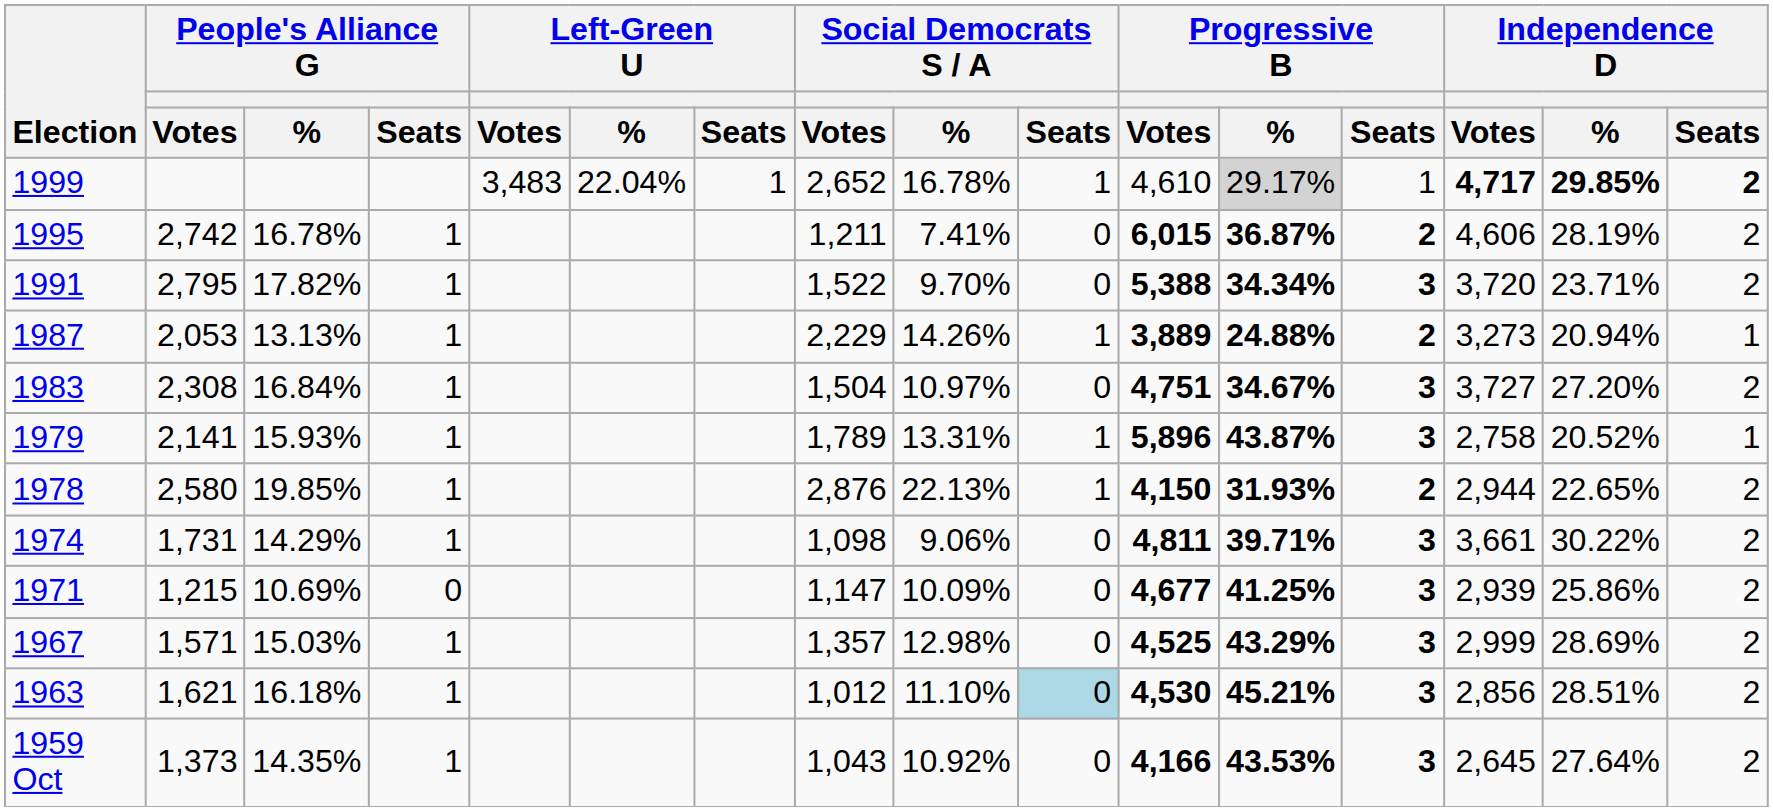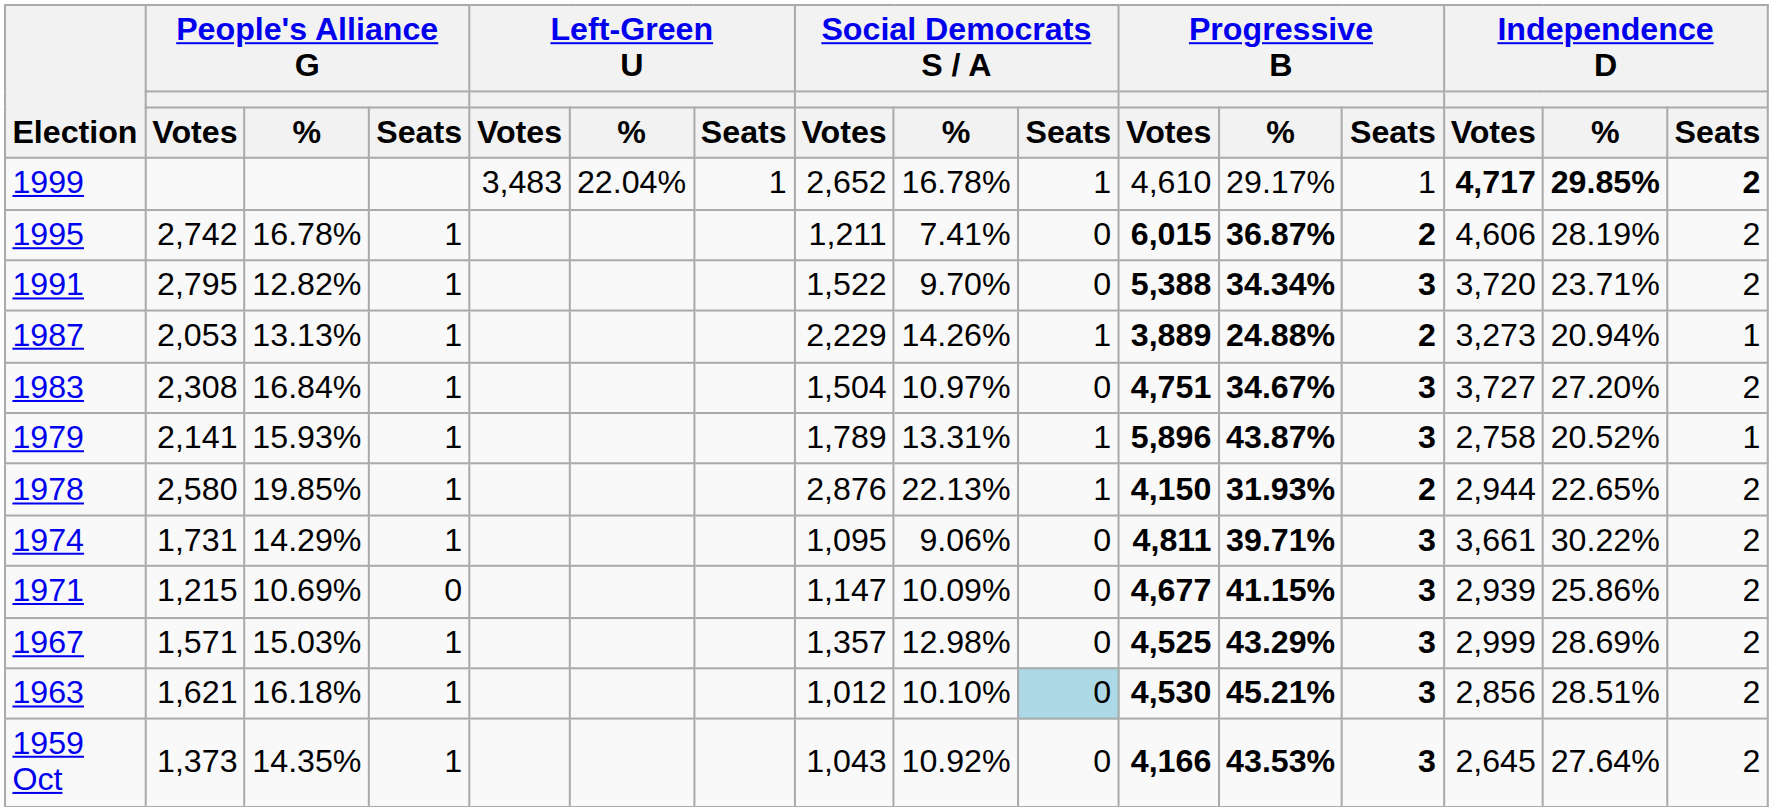 <table class="wikitable" border="1" style="font-size:100%; text-align:right;">
 <tr>
 <th style="text-align:left;" valign=bottom rowspan=3>Election</th>
 <th valign=bottom colspan=3><a href='#'>People's Alliance</a><br>G</th>
 <th valign=bottom colspan=3><a href='#'>Left-Green</a><br>U</th>
 <th valign=bottom colspan=3><a href='#'>Social Democrats</a><br>S / A</th>
 <th valign=bottom colspan=3><a href='#'>Progressive</a><br>B</th>
 <th valign=bottom colspan=3><a href='#'>Independence</a><br>D</th>
 </tr>
 <tr>
 <th colspan=3 style="background:"></th>
 <th colspan=3 style="background:"></th>
 <th colspan=3 style="background:"></th>
 <th colspan=3 style="background:"></th>
 <th colspan=3 style="background:"></th>
 </tr>
 <tr>
 <th>Votes</th>
 <th>%</th>
 <th>Seats</th>
 <th>Votes</th>
 <th>%</th>
 <th>Seats</th>
 <th>Votes</th>
 <th>%</th>
 <th>Seats</th>
 <th>Votes</th>
 <th>%</th>
 <th>Seats</th>
 <th>Votes</th>
 <th>%</th>
 <th>Seats</th>
 </tr>
 <tr>
 <td align=left><a href='#'>1999</a></td>
 <td></td>
 <td></td>
 <td></td>
 <td>3,483</td>
 <td>22.04%</td>
 <td>1</td>
 <td>2,652</td>
 <td>16.78%</td>
 <td>1</td>
 <td>4,610</td>
-<td style="background: lightgrey;">29.17%</td>
+<td>29.17%</td>
 <td>1</td>
 <td><strong>4,717</strong></td>
 <td><strong>29.85%</strong></td>
 <td><strong>2</strong></td>
 </tr>
 <tr>
 <td align=left><a href='#'>1995</a></td>
 <td>2,742</td>
 <td>16.78%</td>
 <td>1</td>
 <td></td>
 <td></td>
 <td></td>
 <td>1,211</td>
 <td>7.41%</td>
 <td>0</td>
 <td><strong>6,015</strong></td>
 <td><strong>36.87%</strong></td>
 <td><strong>2</strong></td>
 <td>4,606</td>
 <td>28.19%</td>
 <td>2</td>
 </tr>
 <tr>
 <td align=left><a href='#'>1991</a></td>
 <td>2,795</td>
-<td>17.82%</td>
+<td>12.82%</td>
 <td>1</td>
 <td></td>
 <td></td>
 <td></td>
 <td>1,522</td>
 <td>9.70%</td>
 <td>0</td>
 <td><strong>5,388</strong></td>
 <td><strong>34.34%</strong></td>
 <td><strong>3</strong></td>
 <td>3,720</td>
 <td>23.71%</td>
 <td>2</td>
 </tr>
 <tr>
 <td align=left><a href='#'>1987</a></td>
 <td>2,053</td>
 <td>13.13%</td>
 <td>1</td>
 <td></td>
 <td></td>
 <td></td>
 <td>2,229</td>
 <td>14.26%</td>
 <td>1</td>
 <td><strong>3,889</strong></td>
 <td><strong>24.88%</strong></td>
 <td><strong>2</strong></td>
 <td>3,273</td>
 <td>20.94%</td>
 <td>1</td>
 </tr>
 <tr>
 <td align=left><a href='#'>1983</a></td>
 <td>2,308</td>
 <td>16.84%</td>
 <td>1</td>
 <td></td>
 <td></td>
 <td></td>
 <td>1,504</td>
 <td>10.97%</td>
 <td>0</td>
 <td><strong>4,751</strong></td>
 <td><strong>34.67%</strong></td>
 <td><strong>3</strong></td>
 <td>3,727</td>
 <td>27.20%</td>
 <td>2</td>
 </tr>
 <tr>
 <td align=left><a href='#'>1979</a></td>
 <td>2,141</td>
 <td>15.93%</td>
 <td>1</td>
 <td></td>
 <td></td>
 <td></td>
 <td>1,789</td>
 <td>13.31%</td>
 <td>1</td>
 <td><strong>5,896</strong></td>
 <td><strong>43.87%</strong></td>
 <td><strong>3</strong></td>
 <td>2,758</td>
 <td>20.52%</td>
 <td>1</td>
 </tr>
 <tr>
 <td align=left><a href='#'>1978</a></td>
 <td>2,580</td>
 <td>19.85%</td>
 <td>1</td>
 <td></td>
 <td></td>
 <td></td>
 <td>2,876</td>
 <td>22.13%</td>
 <td>1</td>
 <td><strong>4,150</strong></td>
 <td><strong>31.93%</strong></td>
 <td><strong>2</strong></td>
 <td>2,944</td>
 <td>22.65%</td>
 <td>2</td>
 </tr>
 <tr>
 <td align=left><a href='#'>1974</a></td>
 <td>1,731</td>
 <td>14.29%</td>
 <td>1</td>
 <td></td>
 <td></td>
 <td></td>
-<td>1,098</td>
+<td>1,095</td>
 <td>9.06%</td>
 <td>0</td>
 <td><strong>4,811</strong></td>
 <td><strong>39.71%</strong></td>
 <td><strong>3</strong></td>
 <td>3,661</td>
 <td>30.22%</td>
 <td>2</td>
 </tr>
 <tr>
 <td align=left><a href='#'>1971</a></td>
 <td>1,215</td>
 <td>10.69%</td>
 <td>0</td>
 <td></td>
 <td></td>
 <td></td>
 <td>1,147</td>
 <td>10.09%</td>
 <td>0</td>
 <td><strong>4,677</strong></td>
-<td><strong>41.25%</strong></td>
+<td><strong>41.15%</strong></td>
 <td><strong>3</strong></td>
 <td>2,939</td>
 <td>25.86%</td>
 <td>2</td>
 </tr>
 <tr>
 <td align=left><a href='#'>1967</a></td>
 <td>1,571</td>
 <td>15.03%</td>
 <td>1</td>
 <td></td>
 <td></td>
 <td></td>
 <td>1,357</td>
 <td>12.98%</td>
 <td>0</td>
 <td><strong>4,525</strong></td>
 <td><strong>43.29%</strong></td>
 <td><strong>3</strong></td>
 <td>2,999</td>
 <td>28.69%</td>
 <td>2</td>
 </tr>
 <tr>
 <td align=left><a href='#'>1963</a></td>
 <td>1,621</td>
 <td>16.18%</td>
 <td>1</td>
 <td></td>
 <td></td>
 <td></td>
 <td>1,012</td>
-<td>11.10%</td>
+<td>10.10%</td>
 <td style="background: lightblue;">0</td>
 <td><strong>4,530</strong></td>
 <td><strong>45.21%</strong></td>
 <td><strong>3</strong></td>
 <td>2,856</td>
 <td>28.51%</td>
 <td>2</td>
 </tr>
 <tr>
 <td align=left><a href='#'>1959 Oct</a></td>
 <td>1,373</td>
 <td>14.35%</td>
 <td>1</td>
 <td></td>
 <td></td>
 <td></td>
 <td>1,043</td>
 <td>10.92%</td>
 <td>0</td>
 <td><strong>4,166</strong></td>
 <td><strong>43.53%</strong></td>
 <td><strong>3</strong></td>
 <td>2,645</td>
 <td>27.64%</td>
 <td>2</td>
 </tr>
 </table>
